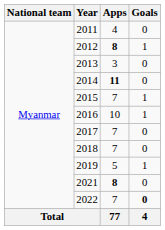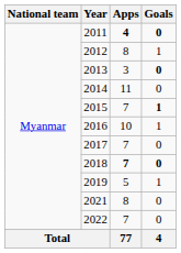 <table class=wikitable style=text-align:center>
 <tr>
 <th>National team</th>
 <th>Year</th>
 <th>Apps</th>
 <th>Goals</th>
 </tr>
 <tr>
 <td rowspan=11><a href='#'>Myanmar</a></td>
 <td>2011</td>
-<td>4</td>
-<td>0</td>
+<td><strong>4</strong></td>
+<td><strong>0</strong></td>
 </tr>
 <tr>
 <td>2012</td>
-<td><strong>8</strong></td>
+<td>8</td>
 <td>1</td>
 </tr>
 <tr>
 <td>2013</td>
 <td>3</td>
-<td>0</td>
+<td><strong>0</strong></td>
 </tr>
 <tr>
 <td>2014</td>
-<td><strong>11</strong></td>
+<td>11</td>
 <td>0</td>
 </tr>
 <tr>
 <td>2015</td>
 <td>7</td>
-<td>1</td>
+<td><strong>1</strong></td>
 </tr>
 <tr>
 <td>2016</td>
 <td>10</td>
 <td>1</td>
 </tr>
 <tr>
 <td>2017</td>
 <td>7</td>
 <td>0</td>
 </tr>
 <tr>
 <td>2018</td>
-<td>7</td>
-<td>0</td>
+<td><strong>7</strong></td>
+<td><strong>0</strong></td>
 </tr>
 <tr>
 <td>2019</td>
 <td>5</td>
 <td>1</td>
 </tr>
 <tr>
 <td>2021</td>
-<td><strong>8</strong></td>
+<td>8</td>
 <td>0</td>
 </tr>
 <tr>
 <td>2022</td>
 <td>7</td>
-<td><strong>0</strong></td>
+<td>0</td>
 </tr>
 <tr>
 <th colspan=2>Total</th>
 <th>77</th>
 <th>4</th>
 </tr>
 </table>
